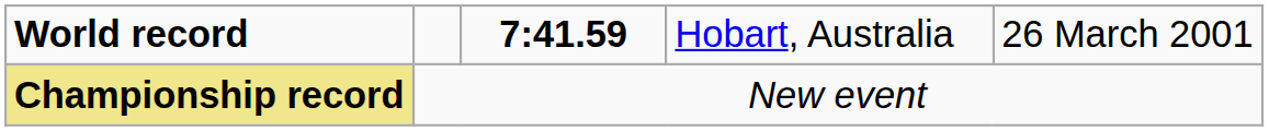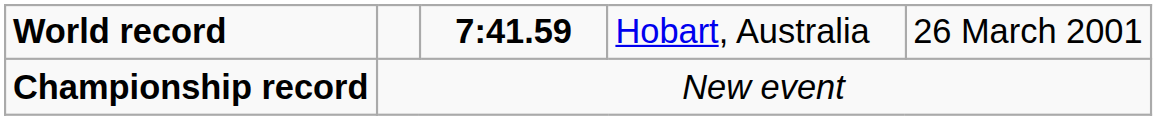 <table class="wikitable">
 <tr>
 <td><strong>World record</strong></td>
 <td style="padding-right:1em"></td>
 <td style="text-align:center;padding-left:1em; padding-right:1em;"><strong>7:41.59</strong></td>
 <td style="padding-right:1em"><a href='#'>Hobart</a>, Australia</td>
 <td align=right>26 March 2001</td>
 </tr>
 <tr>
-<td style="background: khaki;"><strong>Championship record</strong></td>
+<td><strong>Championship record</strong></td>
 <td colspan="5" style="text-align:center;"><em>New event</em></td>
 </tr>
 </table>
